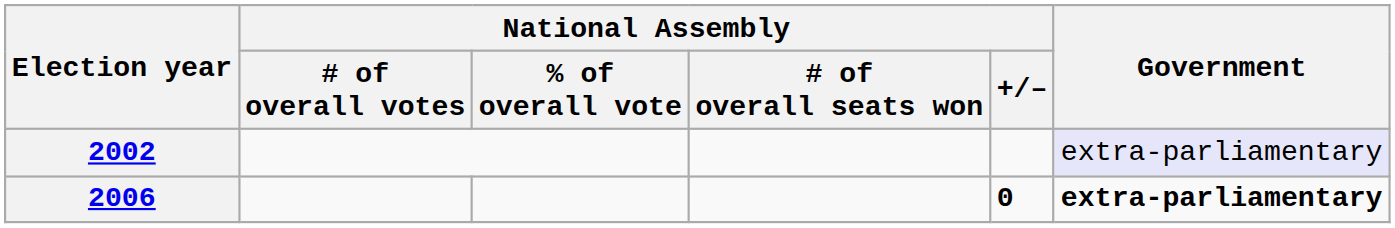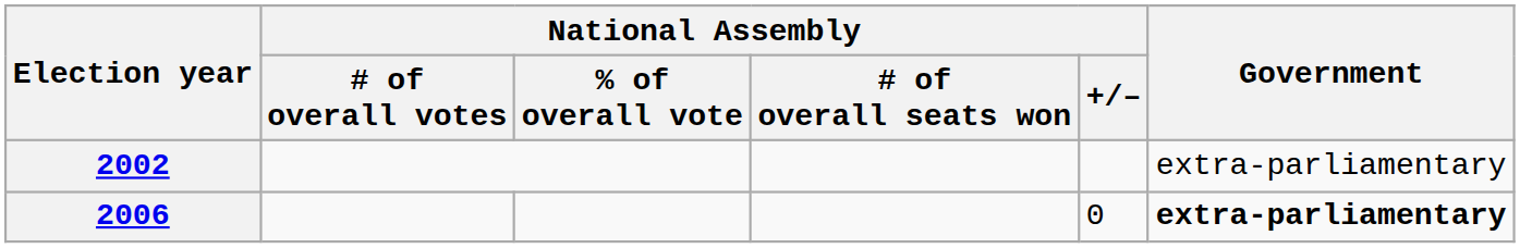 <table class=wikitable>
 <tr>
 <th rowspan=2>Election year</th>
 <th colspan=4>National Assembly</th>
 <th rowspan=2>Government</th>
 </tr>
 <tr>
 <th># of<br>overall votes</th>
 <th>% of<br>overall vote</th>
 <th># of<br>overall seats won</th>
 <th>+/–</th>
 </tr>
 <tr>
 <th><a href='#'>2002</a></th>
 <td colspan="2"></td>
 <td></td>
 <td></td>
-<td style="background: lavender;">extra-parliamentary</td>
+<td>extra-parliamentary</td>
 </tr>
 <tr>
 <th><a href='#'>2006</a></th>
 <td></td>
 <td></td>
 <td></td>
-<td><strong> 0</strong></td>
+<td> 0</td>
 <td><strong>extra-parliamentary</strong></td>
 </tr>
 </table>
